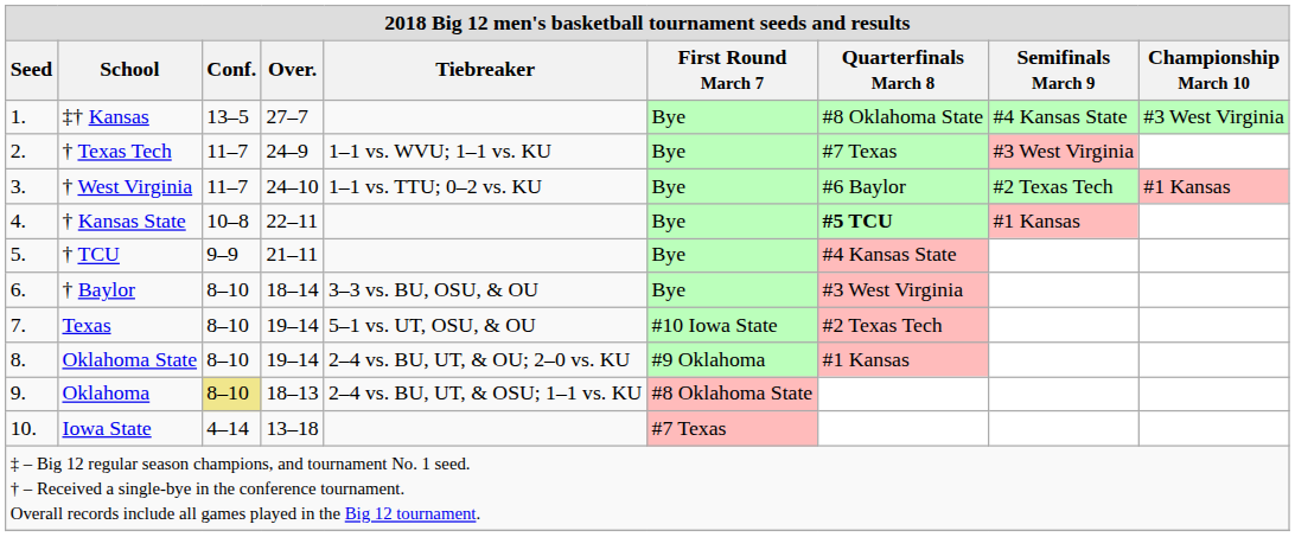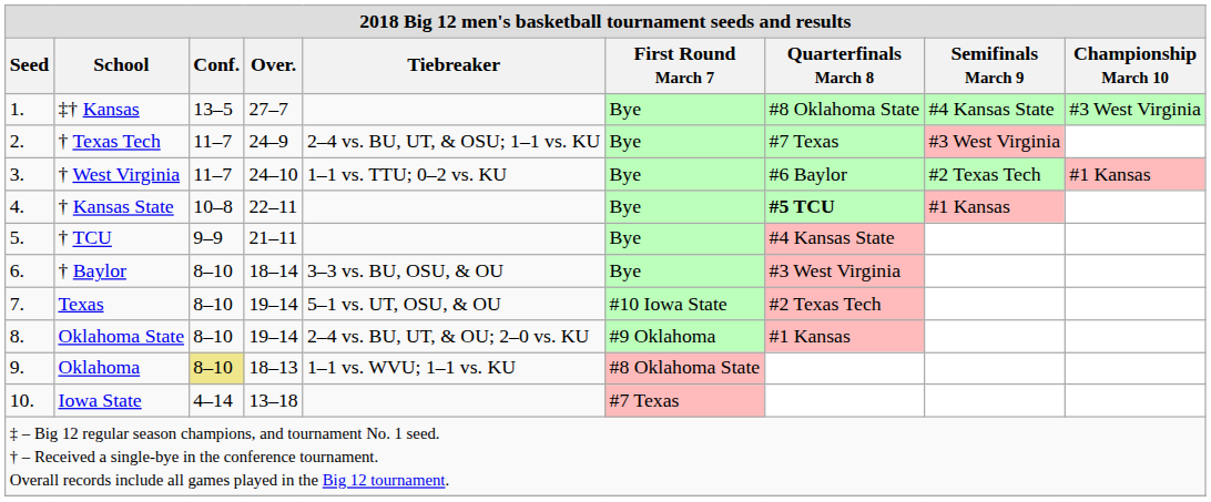 <table class="wikitable" style="white-space:nowrap; font-size:90%;">
 <tr>
 <td colspan="10" style="text-align:center; background:#DDDDDD; font:#000000"><strong>2018 Big 12 men's basketball tournament seeds and results</strong></td>
 </tr>
 <tr bgcolor="#efefef">
 <th>Seed</th>
 <th>School</th>
 <th>Conf.</th>
 <th>Over.</th>
 <th>Tiebreaker</th>
 <th>First Round<br><small>March 7</small></th>
 <th>Quarterfinals<br><small>March 8</small></th>
 <th>Semifinals<br><small>March 9</small></th>
 <th>Championship<br><small>March 10</small></th>
 </tr>
 <tr>
 <td>1.</td>
 <td>‡† <a href='#'>Kansas</a></td>
 <td>13–5</td>
 <td>27–7</td>
 <td></td>
 <td style="background:#bfb;">Bye</td>
 <td style="background:#bfb;">#8 Oklahoma State</td>
 <td style="background:#bfb;">#4 Kansas State</td>
 <td style="background:#bfb;">#3 West Virginia</td>
 </tr>
 <tr>
 <td>2.</td>
 <td>† <a href='#'>Texas Tech</a></td>
 <td>11–7</td>
 <td>24–9</td>
-<td>1–1 vs. WVU; 1–1 vs. KU</td>
+<td>2–4 vs. BU, UT, & OSU; 1–1 vs. KU</td>
 <td style="background:#bfb;">Bye</td>
 <td style="background:#bfb;">#7 Texas</td>
 <td style="background:#fbb;">#3 West Virginia</td>
 <td style="background:#fff;"></td>
 </tr>
 <tr>
 <td>3.</td>
 <td>† <a href='#'>West Virginia</a></td>
 <td>11–7</td>
 <td>24–10</td>
 <td>1–1 vs. TTU; 0–2 vs. KU</td>
 <td style="background:#bfb;">Bye</td>
 <td style="background:#bfb;">#6 Baylor</td>
 <td style="background:#bfb;">#2 Texas Tech</td>
 <td style="background:#fbb;">#1 Kansas</td>
 </tr>
 <tr>
 <td>4.</td>
 <td>† <a href='#'>Kansas State</a></td>
 <td>10–8</td>
 <td>22–11</td>
 <td></td>
 <td style="background:#bfb;">Bye</td>
 <td style="background:#bfb;"><strong>#5 TCU</strong></td>
 <td style="background:#fbb;">#1 Kansas</td>
 <td style="background:#fff;"></td>
 </tr>
 <tr>
 <td>5.</td>
 <td>† <a href='#'>TCU</a></td>
 <td>9–9</td>
 <td>21–11</td>
 <td></td>
 <td style="background:#bfb;">Bye</td>
 <td style="background:#fbb;">#4 Kansas State</td>
 <td style="background:#fff;"></td>
 <td style="background:#fff;"></td>
 </tr>
 <tr>
 <td>6.</td>
 <td>† <a href='#'>Baylor</a></td>
 <td>8–10</td>
 <td>18–14</td>
 <td>3–3 vs. BU, OSU, & OU</td>
 <td style="background:#bfb;">Bye</td>
 <td style="background:#fbb;">#3 West Virginia</td>
 <td style="background:#fff;"></td>
 <td style="background:#fff;"></td>
 </tr>
 <tr>
 <td>7.</td>
 <td><a href='#'>Texas</a></td>
 <td>8–10</td>
 <td>19–14</td>
 <td>5–1 vs. UT, OSU, & OU</td>
 <td style="background:#bfb;">#10 Iowa State</td>
 <td style="background:#fbb;">#2 Texas Tech</td>
 <td style="background:#fff;"></td>
 <td style="background:#fff;"></td>
 </tr>
 <tr>
 <td>8.</td>
 <td><a href='#'>Oklahoma State</a></td>
 <td>8–10</td>
 <td>19–14</td>
 <td>2–4 vs. BU, UT, & OU; 2–0 vs. KU</td>
 <td style="background:#bfb;">#9 Oklahoma</td>
 <td style="background:#fbb;">#1 Kansas</td>
 <td style="background:#fff;"></td>
 <td style="background:#fff;"></td>
 </tr>
 <tr>
 <td>9.</td>
 <td><a href='#'>Oklahoma</a></td>
 <td style="background: khaki;">8–10</td>
 <td>18–13</td>
-<td>2–4 vs. BU, UT, & OSU; 1–1 vs. KU</td>
+<td>1–1 vs. WVU; 1–1 vs. KU</td>
 <td style="background:#fbb;">#8 Oklahoma State</td>
 <td style="background:#fff;"></td>
 <td style="background:#fff;"></td>
 <td style="background:#fff;"></td>
 </tr>
 <tr>
 <td>10.</td>
 <td><a href='#'>Iowa State</a></td>
 <td>4–14</td>
 <td>13–18</td>
 <td></td>
 <td style="background:#fbb;">#7 Texas</td>
 <td style="background:#fff;"></td>
 <td style="background:#fff;"></td>
 <td style="background:#fff;"></td>
 </tr>
 <tr>
 <td colspan="10" style="text-align:left;"><small>‡ – Big 12 regular season champions, and tournament No. 1 seed.<br>† – Received a single-bye in the conference tournament.<br>Overall records include all games played in the <a href='#'>Big 12 tournament</a>.</small></td>
 </tr>
 <tr>
 </tr>
 </table>
